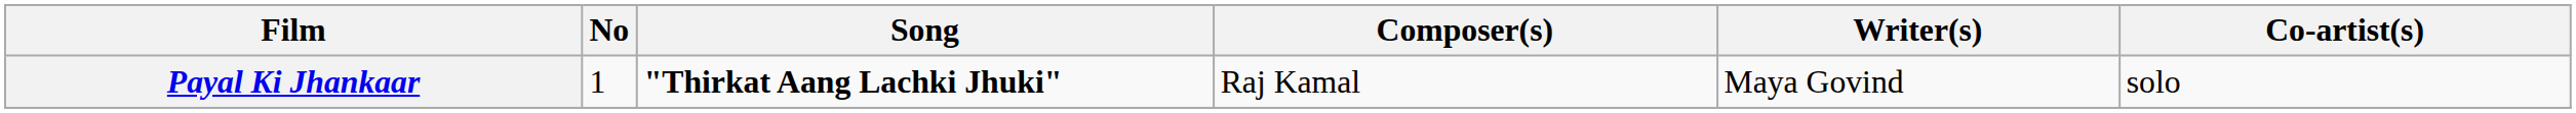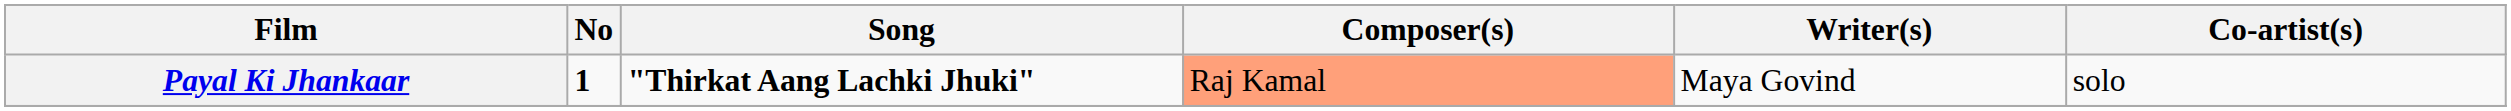 <table class="wikitable plainrowheaders" width="100%" textcolor:#000;">
 <tr style="background:#b0e0e66;">
 <th scope="col" width=23%><strong>Film</strong></th>
 <th><strong>No</strong></th>
 <th scope="col" width=23%><strong>Song</strong></th>
 <th scope="col" width=20%><strong>Composer(s)</strong></th>
 <th scope="col" width=16%><strong>Writer(s)</strong></th>
 <th scope="col" width=18%><strong>Co-artist(s)</strong></th>
 </tr>
 <tr>
 <th><em><a href='#'>Payal Ki Jhankaar</a></em></th>
-<td>1</td>
+<td><strong>1</strong></td>
 <td><strong>"Thirkat Aang Lachki Jhuki"</strong></td>
-<td>Raj Kamal</td>
+<td style="background: lightsalmon;">Raj Kamal</td>
 <td>Maya Govind</td>
 <td>solo</td>
 </tr>
 <tr>
 </tr>
 </table>
